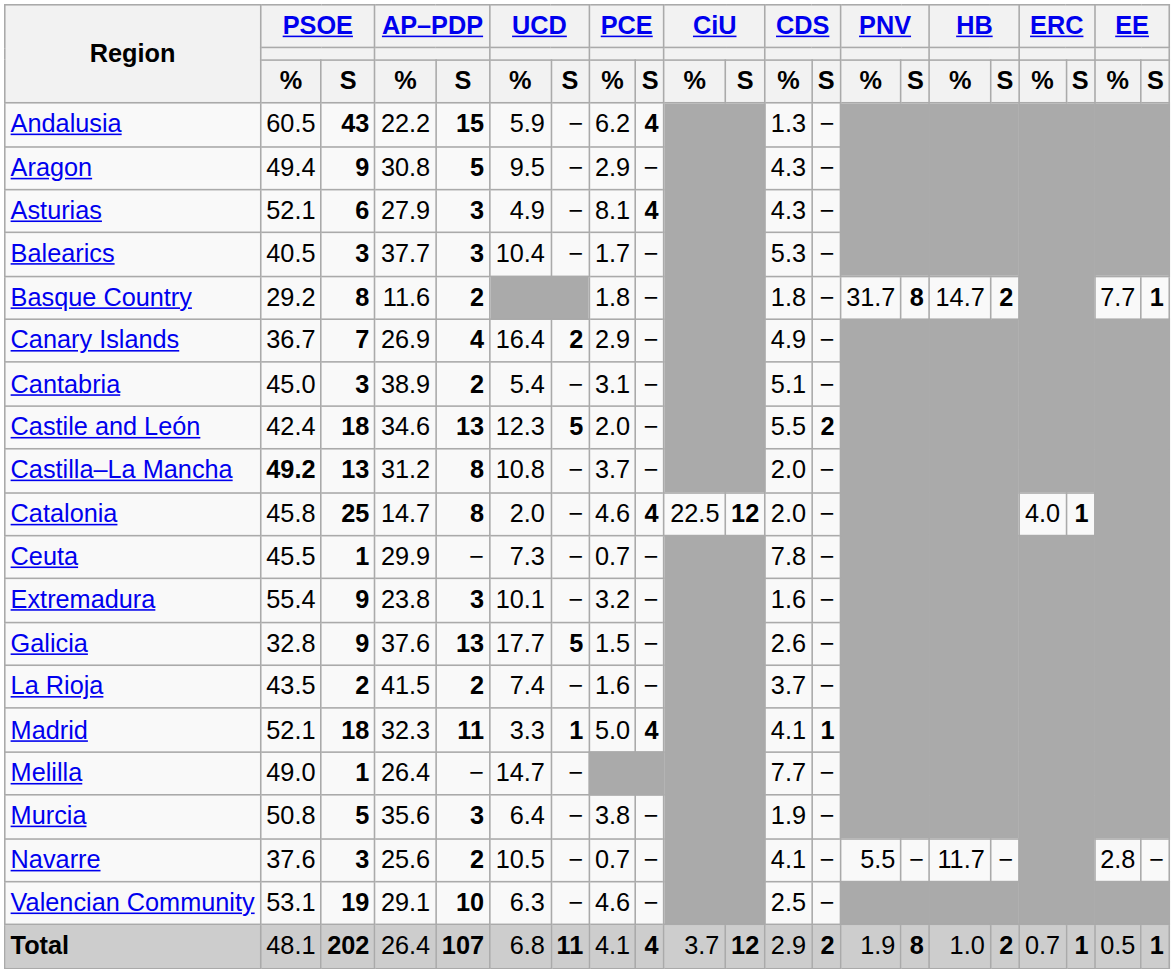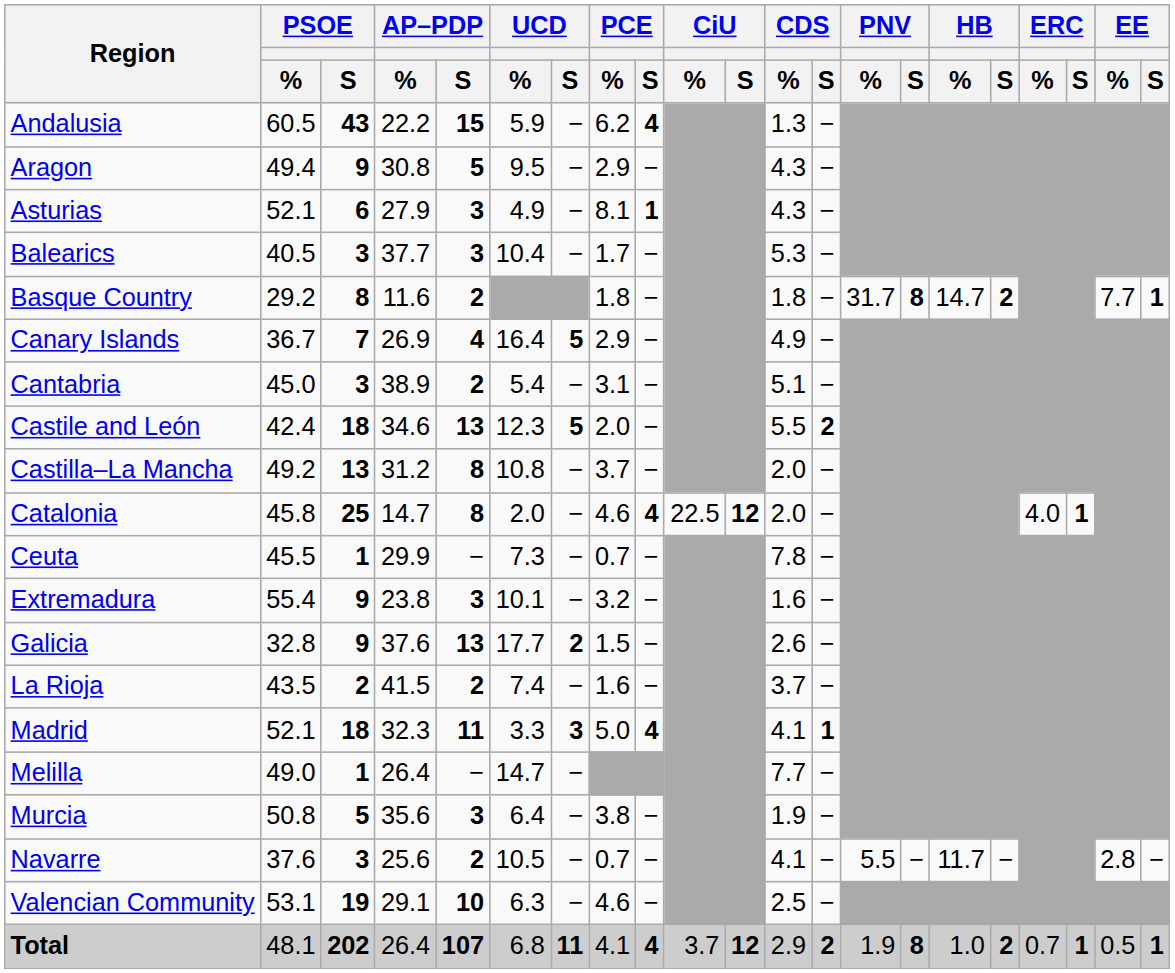 <table class="wikitable sortable" style="text-align:right; line-height:20px;">
 <tr>
 <th rowspan="3">Region</th>
 <th colspan="2" width="30px" class="unsortable"><a href='#'>PSOE</a></th>
 <th colspan="2" width="30px" class="unsortable"><a href='#'>AP–PDP</a></th>
 <th colspan="2" width="30px" class="unsortable"><a href='#'>UCD</a></th>
 <th colspan="2" width="30px" class="unsortable"><a href='#'>PCE</a></th>
 <th colspan="2" width="30px" class="unsortable"><a href='#'>CiU</a></th>
 <th colspan="2" width="30px" class="unsortable"><a href='#'>CDS</a></th>
 <th colspan="2" width="30px" class="unsortable"><a href='#'>PNV</a></th>
 <th colspan="2" width="30px" class="unsortable"><a href='#'>HB</a></th>
 <th colspan="2" width="30px" class="unsortable"><a href='#'>ERC</a></th>
 <th colspan="2" width="30px" class="unsortable"><a href='#'>EE</a></th>
 </tr>
 <tr>
 <th colspan="2" style="background:"></th>
 <th colspan="2" style="background:"></th>
 <th colspan="2" style="background:"></th>
 <th colspan="2" style="background:"></th>
 <th colspan="2" style="background:"></th>
 <th colspan="2" style="background:"></th>
 <th colspan="2" style="background:"></th>
 <th colspan="2" style="background:"></th>
 <th colspan="2" style="background:"></th>
 <th colspan="2" style="background:"></th>
 </tr>
 <tr>
 <th data-sort-type="number">%</th>
 <th data-sort-type="number">S</th>
 <th data-sort-type="number">%</th>
 <th data-sort-type="number">S</th>
 <th data-sort-type="number">%</th>
 <th data-sort-type="number">S</th>
 <th data-sort-type="number">%</th>
 <th data-sort-type="number">S</th>
 <th data-sort-type="number">%</th>
 <th data-sort-type="number">S</th>
 <th data-sort-type="number">%</th>
 <th data-sort-type="number">S</th>
 <th data-sort-type="number">%</th>
 <th data-sort-type="number">S</th>
 <th data-sort-type="number">%</th>
 <th data-sort-type="number">S</th>
 <th data-sort-type="number">%</th>
 <th data-sort-type="number">S</th>
 <th data-sort-type="number">%</th>
 <th data-sort-type="number">S</th>
 </tr>
 <tr>
 <td align="left"><a href='#'>Andalusia</a></td>
 <td style="background:">60.5</td>
 <td><strong>43</strong></td>
 <td>22.2</td>
 <td><strong>15</strong></td>
 <td>5.9</td>
 <td>−</td>
 <td>6.2</td>
 <td><strong>4</strong></td>
 <td colspan="2" rowspan="9" bgcolor="#AAAAAA"></td>
 <td>1.3</td>
 <td>−</td>
 <td colspan="2" rowspan="4" bgcolor="#AAAAAA"></td>
 <td colspan="2" rowspan="4" bgcolor="#AAAAAA"></td>
 <td colspan="2" rowspan="9" bgcolor="#AAAAAA"></td>
 <td colspan="2" rowspan="4" bgcolor="#AAAAAA"></td>
 </tr>
 <tr>
 <td align="left"><a href='#'>Aragon</a></td>
 <td style="background:">49.4</td>
 <td><strong>9</strong></td>
 <td>30.8</td>
 <td><strong>5</strong></td>
 <td>9.5</td>
 <td>−</td>
 <td>2.9</td>
 <td>−</td>
 <td>4.3</td>
 <td>−</td>
 </tr>
 <tr>
 <td align="left"><a href='#'>Asturias</a></td>
 <td style="background:">52.1</td>
 <td><strong>6</strong></td>
 <td>27.9</td>
 <td><strong>3</strong></td>
 <td>4.9</td>
 <td>−</td>
 <td>8.1</td>
-<td><strong>4</strong></td>
+<td><strong>1</strong></td>
 <td>4.3</td>
 <td>−</td>
 </tr>
 <tr>
 <td align="left"><a href='#'>Balearics</a></td>
 <td style="background:">40.5</td>
 <td><strong>3</strong></td>
 <td>37.7</td>
 <td><strong>3</strong></td>
 <td>10.4</td>
 <td>−</td>
 <td>1.7</td>
 <td>−</td>
 <td>5.3</td>
 <td>−</td>
 </tr>
 <tr>
 <td align="left"><a href='#'>Basque Country</a></td>
 <td>29.2</td>
 <td><strong>8</strong></td>
 <td>11.6</td>
 <td><strong>2</strong></td>
 <td colspan="2" bgcolor="#AAAAAA"></td>
 <td>1.8</td>
 <td>−</td>
 <td>1.8</td>
 <td>−</td>
 <td style="background:">31.7</td>
 <td><strong>8</strong></td>
 <td>14.7</td>
 <td><strong>2</strong></td>
 <td>7.7</td>
 <td><strong>1</strong></td>
 </tr>
 <tr>
 <td align="left"><a href='#'>Canary Islands</a></td>
 <td style="background:">36.7</td>
 <td><strong>7</strong></td>
 <td>26.9</td>
 <td><strong>4</strong></td>
 <td>16.4</td>
-<td><strong>2</strong></td>
+<td><strong>5</strong></td>
 <td>2.9</td>
 <td>−</td>
 <td>4.9</td>
 <td>−</td>
 <td colspan="2" rowspan="12" bgcolor="#AAAAAA"></td>
 <td colspan="2" rowspan="12" bgcolor="#AAAAAA"></td>
 <td colspan="2" rowspan="12" bgcolor="#AAAAAA"></td>
 </tr>
 <tr>
 <td align="left"><a href='#'>Cantabria</a></td>
 <td style="background:">45.0</td>
 <td><strong>3</strong></td>
 <td>38.9</td>
 <td><strong>2</strong></td>
 <td>5.4</td>
 <td>−</td>
 <td>3.1</td>
 <td>−</td>
 <td>5.1</td>
 <td>−</td>
 </tr>
 <tr>
 <td align="left"><a href='#'>Castile and León</a></td>
 <td style="background:">42.4</td>
 <td><strong>18</strong></td>
 <td>34.6</td>
 <td><strong>13</strong></td>
 <td>12.3</td>
 <td><strong>5</strong></td>
 <td>2.0</td>
 <td>−</td>
 <td>5.5</td>
 <td><strong>2</strong></td>
 </tr>
 <tr>
 <td align="left"><a href='#'>Castilla–La Mancha</a></td>
-<td style="background:"><strong>49.2</strong></td>
+<td style="background:">49.2</td>
 <td><strong>13</strong></td>
 <td>31.2</td>
 <td><strong>8</strong></td>
 <td>10.8</td>
 <td>−</td>
 <td>3.7</td>
 <td>−</td>
 <td>2.0</td>
 <td>−</td>
 </tr>
 <tr>
 <td align="left"><a href='#'>Catalonia</a></td>
 <td style="background:">45.8</td>
 <td><strong>25</strong></td>
 <td>14.7</td>
 <td><strong>8</strong></td>
 <td>2.0</td>
 <td>−</td>
 <td>4.6</td>
 <td><strong>4</strong></td>
 <td>22.5</td>
 <td><strong>12</strong></td>
 <td>2.0</td>
 <td>−</td>
 <td>4.0</td>
 <td><strong>1</strong></td>
 </tr>
 <tr>
 <td align="left"><a href='#'>Ceuta</a></td>
 <td style="background:">45.5</td>
 <td><strong>1</strong></td>
 <td>29.9</td>
 <td>−</td>
 <td>7.3</td>
 <td>−</td>
 <td>0.7</td>
 <td>−</td>
 <td colspan="2" rowspan="9" bgcolor="#AAAAAA"></td>
 <td>7.8</td>
 <td>−</td>
 <td colspan="2" rowspan="9" bgcolor="#AAAAAA"></td>
 </tr>
 <tr>
 <td align="left"><a href='#'>Extremadura</a></td>
 <td style="background:">55.4</td>
 <td><strong>9</strong></td>
 <td>23.8</td>
 <td><strong>3</strong></td>
 <td>10.1</td>
 <td>−</td>
 <td>3.2</td>
 <td>−</td>
 <td>1.6</td>
 <td>−</td>
 </tr>
 <tr>
 <td align="left"><a href='#'>Galicia</a></td>
 <td>32.8</td>
 <td><strong>9</strong></td>
 <td style="background:">37.6</td>
 <td><strong>13</strong></td>
 <td>17.7</td>
-<td><strong>5</strong></td>
+<td><strong>2</strong></td>
 <td>1.5</td>
 <td>−</td>
 <td>2.6</td>
 <td>−</td>
 </tr>
 <tr>
 <td align="left"><a href='#'>La Rioja</a></td>
 <td style="background:">43.5</td>
 <td><strong>2</strong></td>
 <td>41.5</td>
 <td><strong>2</strong></td>
 <td>7.4</td>
 <td>−</td>
 <td>1.6</td>
 <td>−</td>
 <td>3.7</td>
 <td>−</td>
 </tr>
 <tr>
 <td align="left"><a href='#'>Madrid</a></td>
 <td style="background:">52.1</td>
 <td><strong>18</strong></td>
 <td>32.3</td>
 <td><strong>11</strong></td>
 <td>3.3</td>
-<td><strong>1</strong></td>
+<td><strong>3</strong></td>
 <td>5.0</td>
 <td><strong>4</strong></td>
 <td>4.1</td>
 <td><strong>1</strong></td>
 </tr>
 <tr>
 <td align="left"><a href='#'>Melilla</a></td>
 <td style="background:">49.0</td>
 <td><strong>1</strong></td>
 <td>26.4</td>
 <td>−</td>
 <td>14.7</td>
 <td>−</td>
 <td colspan="2" bgcolor="#AAAAAA"></td>
 <td>7.7</td>
 <td>−</td>
 </tr>
 <tr>
 <td align="left"><a href='#'>Murcia</a></td>
 <td style="background:">50.8</td>
 <td><strong>5</strong></td>
 <td>35.6</td>
 <td><strong>3</strong></td>
 <td>6.4</td>
 <td>−</td>
 <td>3.8</td>
 <td>−</td>
 <td>1.9</td>
 <td>−</td>
 </tr>
 <tr>
 <td align="left"><a href='#'>Navarre</a></td>
 <td style="background:">37.6</td>
 <td><strong>3</strong></td>
 <td>25.6</td>
 <td><strong>2</strong></td>
 <td>10.5</td>
 <td>−</td>
 <td>0.7</td>
 <td>−</td>
 <td>4.1</td>
 <td>−</td>
 <td>5.5</td>
 <td>−</td>
 <td>11.7</td>
 <td>−</td>
 <td>2.8</td>
 <td>−</td>
 </tr>
 <tr>
 <td align="left"><a href='#'>Valencian Community</a></td>
 <td style="background:">53.1</td>
 <td><strong>19</strong></td>
 <td>29.1</td>
 <td><strong>10</strong></td>
 <td>6.3</td>
 <td>−</td>
 <td>4.6</td>
 <td>−</td>
 <td>2.5</td>
 <td>−</td>
 <td colspan="2" bgcolor="#AAAAAA"></td>
 <td colspan="2" bgcolor="#AAAAAA"></td>
 <td colspan="2" bgcolor="#AAAAAA"></td>
 </tr>
 <tr style="background:#CDCDCD;">
 <td align="left"><strong>Total</strong></td>
 <td style="background:">48.1</td>
 <td><strong>202</strong></td>
 <td>26.4</td>
 <td><strong>107</strong></td>
 <td>6.8</td>
 <td><strong>11</strong></td>
 <td>4.1</td>
 <td><strong>4</strong></td>
 <td>3.7</td>
 <td><strong>12</strong></td>
 <td>2.9</td>
 <td><strong>2</strong></td>
 <td>1.9</td>
 <td><strong>8</strong></td>
 <td>1.0</td>
 <td><strong>2</strong></td>
 <td>0.7</td>
 <td><strong>1</strong></td>
 <td>0.5</td>
 <td><strong>1</strong></td>
 </tr>
 </table>
